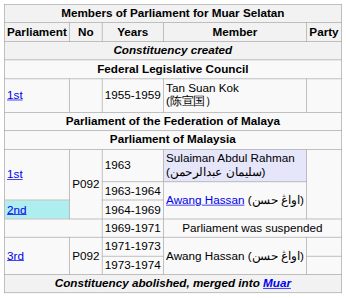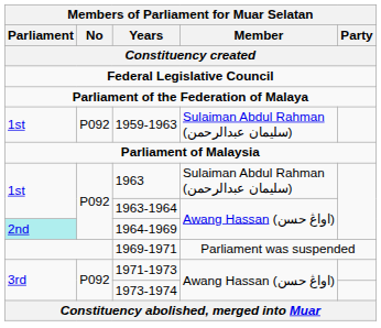 <table class=wikitable>
 <tr>
 <th colspan="5">Members of Parliament for Muar Selatan</th>
 </tr>
 <tr>
 <th>Parliament</th>
 <th>No</th>
 <th>Years</th>
 <th>Member</th>
 <th>Party</th>
 </tr>
 <tr>
 <th colspan="5" align="center"><em>Constituency created</em></th>
 </tr>
 <tr>
 <td colspan="5" align="center"><strong>Federal Legislative Council</strong></td>
 </tr>
 <tr>
-<td><a href='#'>1st</a></td>
-<td></td>
-<td>1955-1959</td>
-<td>Tan Suan Kok  <br>(陈宣国）</td>
-<td></td>
+<td colspan="5" align="center"><strong>Parliament of the Federation of Malaya</strong></td>
 </tr>
 <tr>
-<td colspan="5" align="center"><strong>Parliament of the Federation of Malaya</strong></td>
+<td><a href='#'>1st</a></td>
+<td>P092</td>
+<td>1959-1963</td>
+<td><a href='#'>Sulaiman Abdul Rahman</a>  <br>(سليمان عبدالرحمن)</td>
+<td></td>
 </tr>
 <tr>
 <td colspan="5" align="center"><strong>Parliament of Malaysia</strong></td>
 </tr>
 <tr>
 <td rowspan=2><a href='#'>1st</a></td>
 <td rowspan="3">P092</td>
 <td>1963</td>
-<td style="background: lavender;">Sulaiman Abdul Rahman  <br>(سليمان عبدالرحمن)</td>
+<td>Sulaiman Abdul Rahman  <br>(سليمان عبدالرحمن)</td>
 <td rowspan=3></td>
 </tr>
 <tr>
 <td>1963-1964</td>
 <td rowspan=2><a href='#'>Awang Hassan</a> (اواڠ حسن‎)</td>
 </tr>
 <tr>
 <td style="background: paleturquoise;"><a href='#'>2nd</a></td>
 <td>1964-1969</td>
 </tr>
 <tr>
 <td colspan="2"></td>
 <td>1969-1971</td>
 <td colspan=2 align=center>Parliament was suspended</td>
 </tr>
 <tr>
 <td rowspan=2><a href='#'>3rd</a></td>
 <td rowspan="2">P092</td>
 <td>1971-1973</td>
 <td rowspan=2>Awang Hassan (اواڠ حسن‎)</td>
 <td></td>
 </tr>
 <tr>
 <td>1973-1974</td>
 <td></td>
 </tr>
 <tr>
 <th colspan="5" align="center"><em>Constituency abolished, merged into <a href='#'>Muar</a></em></th>
 </tr>
 </table>
